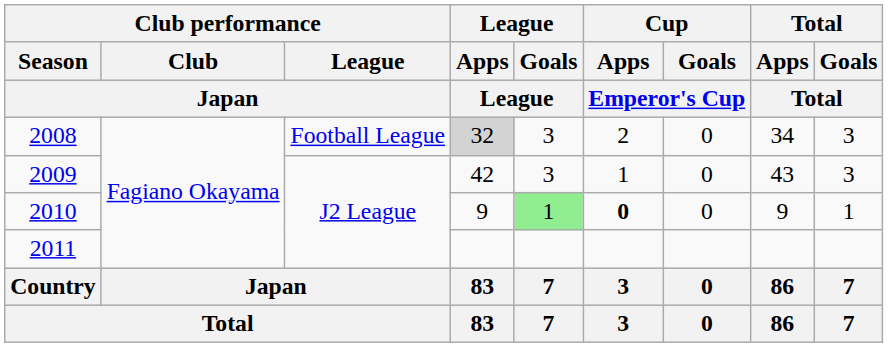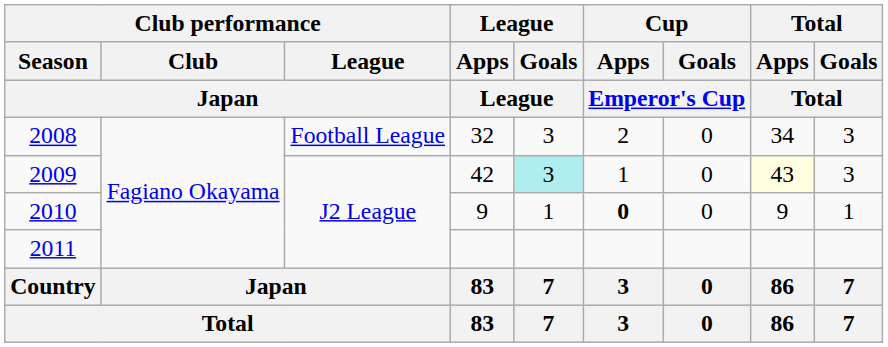 <table class="wikitable" style="text-align:center;">
 <tr>
 <th colspan=3>Club performance</th>
 <th colspan=2>League</th>
 <th colspan=2>Cup</th>
 <th colspan=2>Total</th>
 </tr>
 <tr>
 <th>Season</th>
 <th>Club</th>
 <th>League</th>
 <th>Apps</th>
 <th>Goals</th>
 <th>Apps</th>
 <th>Goals</th>
 <th>Apps</th>
 <th>Goals</th>
 </tr>
 <tr>
 <th colspan=3>Japan</th>
 <th colspan=2>League</th>
 <th colspan=2><a href='#'>Emperor's Cup</a></th>
 <th colspan=2>Total</th>
 </tr>
 <tr>
 <td><a href='#'>2008</a></td>
 <td rowspan="4"><a href='#'>Fagiano Okayama</a></td>
 <td><a href='#'>Football League</a></td>
-<td style="background: lightgrey;">32</td>
+<td>32</td>
 <td>3</td>
 <td>2</td>
 <td>0</td>
 <td>34</td>
 <td>3</td>
 </tr>
 <tr>
 <td><a href='#'>2009</a></td>
 <td rowspan="3"><a href='#'>J2 League</a></td>
 <td>42</td>
-<td>3</td>
+<td style="background: paleturquoise;">3</td>
 <td>1</td>
 <td>0</td>
-<td>43</td>
+<td style="background: lightyellow;">43</td>
 <td>3</td>
 </tr>
 <tr>
 <td><a href='#'>2010</a></td>
 <td>9</td>
-<td style="background: lightgreen;">1</td>
+<td>1</td>
 <td><strong>0</strong></td>
 <td>0</td>
 <td>9</td>
 <td>1</td>
 </tr>
 <tr>
 <td><a href='#'>2011</a></td>
 <td></td>
 <td></td>
 <td></td>
 <td></td>
 <td></td>
 <td></td>
 </tr>
 <tr>
 <th rowspan=1>Country</th>
 <th colspan=2>Japan</th>
 <th>83</th>
 <th>7</th>
 <th>3</th>
 <th>0</th>
 <th>86</th>
 <th>7</th>
 </tr>
 <tr>
 <th colspan=3>Total</th>
 <th>83</th>
 <th>7</th>
 <th>3</th>
 <th>0</th>
 <th>86</th>
 <th>7</th>
 </tr>
 </table>
